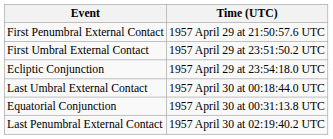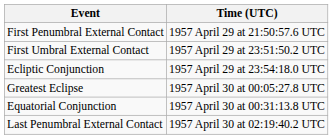 <table class="wikitable">
 <tr>
 <th>Event</th>
 <th>Time (UTC)</th>
 </tr>
 <tr>
 <td>First Penumbral External Contact</td>
 <td>1957 April 29 at 21:50:57.6 UTC</td>
 </tr>
 <tr>
 <td>First Umbral External Contact</td>
 <td>1957 April 29 at 23:51:50.2 UTC</td>
 </tr>
 <tr>
 <td>Ecliptic Conjunction</td>
 <td>1957 April 29 at 23:54:18.0 UTC</td>
 </tr>
 <tr>
-<td>Last Umbral External Contact</td>
-<td>1957 April 30 at 00:18:44.0 UTC</td>
+<td>Greatest Eclipse</td>
+<td>1957 April 30 at 00:05:27.8 UTC</td>
 </tr>
 <tr>
 <td>Equatorial Conjunction</td>
 <td>1957 April 30 at 00:31:13.8 UTC</td>
 </tr>
 <tr>
 <td>Last Penumbral External Contact</td>
 <td>1957 April 30 at 02:19:40.2 UTC</td>
 </tr>
 </table>
